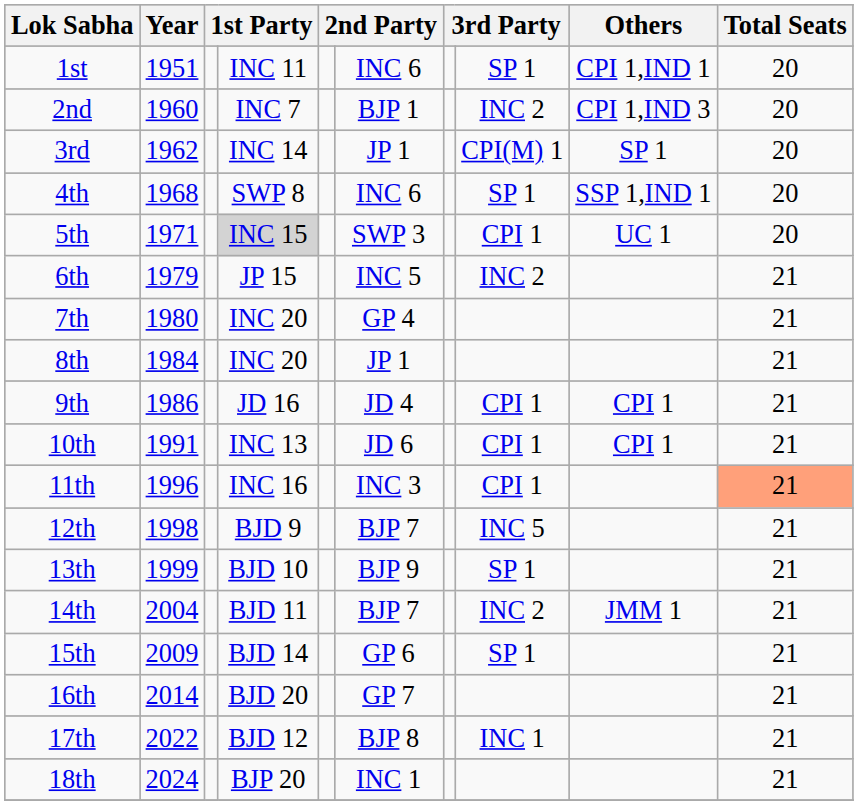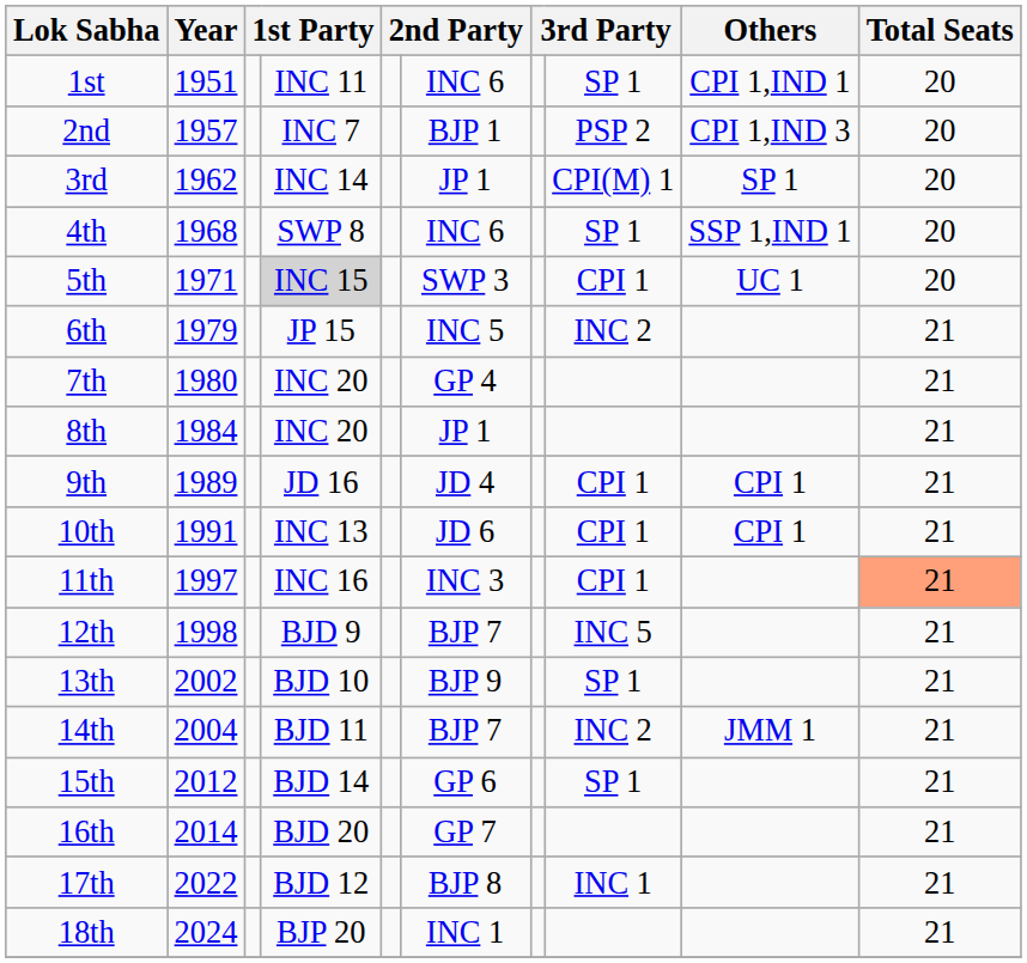 <table class="wikitable" style="text-align:center">
 <tr>
 <th>Lok Sabha</th>
 <th>Year</th>
 <th colspan="2">1st Party</th>
 <th colspan="2">2nd Party</th>
 <th colspan="2">3rd Party</th>
 <th>Others</th>
 <th>Total Seats</th>
 </tr>
 <tr>
 <td><a href='#'>1st</a></td>
 <td><a href='#'>1951</a></td>
 <td style="background-color: "></td>
 <td><a href='#'>INC</a> 11</td>
 <td style="background-color: "></td>
 <td><a href='#'>INC</a> 6</td>
 <td style="background-color: "></td>
 <td><a href='#'>SP</a> 1</td>
 <td><a href='#'>CPI</a> 1,<a href='#'>IND</a> 1</td>
 <td>20</td>
 </tr>
 <tr>
 <td><a href='#'>2nd</a></td>
-<td><a href='#'>1960</a></td>
+<td><a href='#'>1957</a></td>
 <td style="background-color: "></td>
 <td><a href='#'>INC</a> 7</td>
 <td style="background-color: "></td>
 <td><a href='#'>BJP</a> 1</td>
 <td style="background-color: "></td>
-<td><a href='#'>INC</a> 2</td>
+<td><a href='#'>PSP</a> 2</td>
 <td><a href='#'>CPI</a> 1,<a href='#'>IND</a> 3</td>
 <td>20</td>
 </tr>
 <tr>
 <td><a href='#'>3rd</a></td>
 <td><a href='#'>1962</a></td>
 <td style="background-color: "></td>
 <td><a href='#'>INC</a> 14</td>
 <td style="background-color: "></td>
 <td><a href='#'>JP</a> 1</td>
 <td style="background-color: "></td>
 <td><a href='#'>CPI(M)</a> 1</td>
 <td><a href='#'>SP</a> 1</td>
 <td>20</td>
 </tr>
 <tr>
 <td><a href='#'>4th</a></td>
 <td><a href='#'>1968</a></td>
 <td style="background-color: "></td>
 <td><a href='#'>SWP</a> 8</td>
 <td style="background-color: "></td>
 <td><a href='#'>INC</a> 6</td>
 <td style="background-color: "></td>
 <td><a href='#'>SP</a> 1</td>
 <td><a href='#'>SSP</a> 1,<a href='#'>IND</a> 1</td>
 <td>20</td>
 </tr>
 <tr>
 <td><a href='#'>5th</a></td>
 <td><a href='#'>1971</a></td>
 <td style="background-color: "></td>
 <td style="background: lightgrey;"><a href='#'>INC</a> 15</td>
 <td style="background-color: "></td>
 <td><a href='#'>SWP</a> 3</td>
 <td style="background-color: "></td>
 <td><a href='#'>CPI</a> 1</td>
 <td><a href='#'>UC</a> 1</td>
 <td>20</td>
 </tr>
 <tr>
 <td><a href='#'>6th</a></td>
 <td><a href='#'>1979</a></td>
 <td style="background-color: "></td>
 <td><a href='#'>JP</a> 15</td>
 <td style="background-color: "></td>
 <td><a href='#'>INC</a> 5</td>
 <td style="background-color: "></td>
 <td><a href='#'>INC</a> 2</td>
 <td></td>
 <td>21</td>
 </tr>
 <tr>
 <td><a href='#'>7th</a></td>
 <td><a href='#'>1980</a></td>
 <td style="background-color: "></td>
 <td><a href='#'>INC</a> 20</td>
 <td style="background-color: "></td>
 <td><a href='#'>GP</a> 4</td>
 <td></td>
 <td></td>
 <td></td>
 <td>21</td>
 </tr>
 <tr>
 <td><a href='#'>8th</a></td>
 <td><a href='#'>1984</a></td>
 <td style="background-color: "></td>
 <td><a href='#'>INC</a> 20</td>
 <td style="background-color: "></td>
 <td><a href='#'>JP</a> 1</td>
 <td></td>
 <td></td>
 <td></td>
 <td>21</td>
 </tr>
 <tr>
 <td><a href='#'>9th</a></td>
-<td><a href='#'>1986</a></td>
+<td><a href='#'>1989</a></td>
 <td style="background-color: "></td>
 <td><a href='#'>JD</a> 16</td>
 <td style="background-color: "></td>
 <td><a href='#'>JD</a> 4</td>
 <td style="background-color: "></td>
 <td><a href='#'>CPI</a> 1</td>
 <td><a href='#'>CPI</a> 1</td>
 <td>21</td>
 </tr>
 <tr>
 <td><a href='#'>10th</a></td>
 <td><a href='#'>1991</a></td>
 <td style="background-color: "></td>
 <td><a href='#'>INC</a> 13</td>
 <td style="background-color: "></td>
 <td><a href='#'>JD</a> 6</td>
 <td style="background-color: "></td>
 <td><a href='#'>CPI</a> 1</td>
 <td><a href='#'>CPI</a> 1</td>
 <td>21</td>
 </tr>
 <tr>
 <td><a href='#'>11th</a></td>
-<td><a href='#'>1996</a></td>
+<td><a href='#'>1997</a></td>
 <td style="background-color: "></td>
 <td><a href='#'>INC</a> 16</td>
 <td style="background-color: "></td>
 <td><a href='#'>INC</a> 3</td>
 <td style="background-color: "></td>
 <td><a href='#'>CPI</a> 1</td>
 <td></td>
 <td style="background: lightsalmon;">21</td>
 </tr>
 <tr>
 <td><a href='#'>12th</a></td>
 <td><a href='#'>1998</a></td>
 <td style="background-color: "></td>
 <td><a href='#'>BJD</a> 9</td>
 <td style="background-color: "></td>
 <td><a href='#'>BJP</a> 7</td>
 <td style="background-color: "></td>
 <td><a href='#'>INC</a> 5</td>
 <td></td>
 <td>21</td>
 </tr>
 <tr>
 <td><a href='#'>13th</a></td>
-<td><a href='#'>1999</a></td>
+<td><a href='#'>2002</a></td>
 <td style="background-color: "></td>
 <td><a href='#'>BJD</a> 10</td>
 <td style="background-color: "></td>
 <td><a href='#'>BJP</a> 9</td>
 <td style="background-color: "></td>
 <td><a href='#'>SP</a> 1</td>
 <td></td>
 <td>21</td>
 </tr>
 <tr>
 <td><a href='#'>14th</a></td>
 <td><a href='#'>2004</a></td>
 <td style="background-color: "></td>
 <td><a href='#'>BJD</a> 11</td>
 <td style="background-color: "></td>
 <td><a href='#'>BJP</a> 7</td>
 <td style="background-color: "></td>
 <td><a href='#'>INC</a> 2</td>
 <td><a href='#'>JMM</a> 1</td>
 <td>21</td>
 </tr>
 <tr>
 <td><a href='#'>15th</a></td>
-<td><a href='#'>2009</a></td>
+<td><a href='#'>2012</a></td>
 <td style="background-color: "></td>
 <td><a href='#'>BJD</a> 14</td>
 <td style="background-color: "></td>
 <td><a href='#'>GP</a> 6</td>
 <td style="background-color: "></td>
 <td><a href='#'>SP</a> 1</td>
 <td></td>
 <td>21</td>
 </tr>
 <tr>
 <td><a href='#'>16th</a></td>
 <td><a href='#'>2014</a></td>
 <td style="background-color: "></td>
 <td><a href='#'>BJD</a> 20</td>
 <td style="background-color: "></td>
 <td><a href='#'>GP</a> 7</td>
 <td></td>
 <td></td>
 <td></td>
 <td>21</td>
 </tr>
 <tr>
 <td><a href='#'>17th</a></td>
 <td><a href='#'>2022</a></td>
 <td style="background-color: "></td>
 <td><a href='#'>BJD</a> 12</td>
 <td style="background-color: "></td>
 <td><a href='#'>BJP</a> 8</td>
 <td style="background-color: "></td>
 <td><a href='#'>INC</a> 1</td>
 <td></td>
 <td>21</td>
 </tr>
 <tr>
 <td><a href='#'>18th</a></td>
 <td><a href='#'>2024</a></td>
 <td style="background-color: "></td>
 <td><a href='#'>BJP</a> 20</td>
 <td style="background-color: "></td>
 <td><a href='#'>INC</a> 1</td>
 <td></td>
 <td></td>
 <td></td>
 <td>21</td>
 </tr>
 <tr>
 </tr>
 </table>
